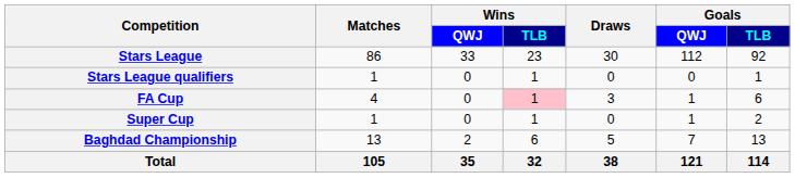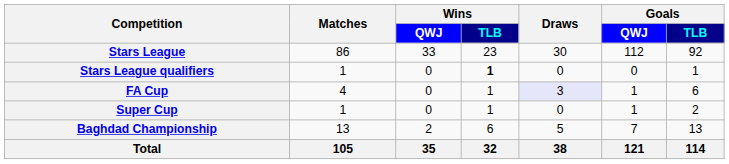 <table class="wikitable" style="font-size:100%; width: 75%; text-align: center;">
 <tr>
 <th rowspan="2">Competition</th>
 <th rowspan="2">Matches</th>
 <th colspan="2">Wins</th>
 <th rowspan="2">Draws</th>
 <th colspan="2">Goals</th>
 </tr>
 <tr>
 <th style="color:#fff; background:#0000ff;">QWJ</th>
 <th style="color:#00FFFF; background:#00008B;">TLB</th>
 <th style="color:#fff; background:#0000ff;">QWJ</th>
 <th style="color:#00FFFF; background:#00008B;">TLB</th>
 </tr>
 <tr>
 <th scope="row"><a href='#'>Stars League</a></th>
 <td>86</td>
 <td>33</td>
 <td>23</td>
 <td>30</td>
 <td>112</td>
 <td>92</td>
 </tr>
 <tr>
 <th scope="row"><a href='#'>Stars League qualifiers</a></th>
 <td>1</td>
 <td>0</td>
-<td>1</td>
+<td><strong>1</strong></td>
 <td>0</td>
 <td>0</td>
 <td>1</td>
 </tr>
 <tr>
 <th scope="row"><a href='#'>FA Cup</a></th>
 <td>4</td>
 <td>0</td>
-<td style="background: pink;">1</td>
-<td>3</td>
+<td>1</td>
+<td style="background: lavender;">3</td>
 <td>1</td>
 <td>6</td>
 </tr>
 <tr>
 <th scope="row"><a href='#'>Super Cup</a></th>
 <td>1</td>
 <td>0</td>
 <td>1</td>
 <td>0</td>
 <td>1</td>
 <td>2</td>
 </tr>
 <tr>
 <th scope="row"><a href='#'>Baghdad Championship</a></th>
 <td>13</td>
 <td>2</td>
 <td>6</td>
 <td>5</td>
 <td>7</td>
 <td>13</td>
 </tr>
 <tr>
 <th scope="row">Total</th>
 <th>105</th>
 <th>35</th>
 <th>32</th>
 <th>38</th>
 <th>121</th>
 <th>114</th>
 </tr>
 </table>
